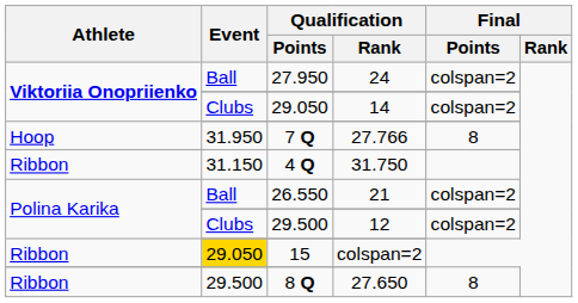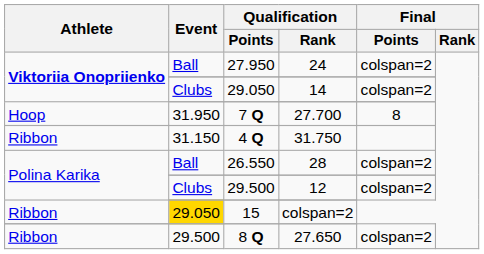 <table class=wikitable style="font-size:90%">
 <tr>
 <th rowspan="2">Athlete</th>
 <th rowspan="2">Event</th>
 <th colspan="2">Qualification</th>
 <th colspan="2">Final</th>
 </tr>
 <tr style="font-size:95%">
 <th>Points</th>
 <th>Rank</th>
 <th>Points</th>
 <th>Rank</th>
 </tr>
 <tr align=center>
 <td align=left rowspan=4><strong><a href='#'>Viktoriia Onopriienko</a></strong></td>
 <td align=left><a href='#'>Ball</a></td>
 <td>27.950</td>
 <td>24</td>
 <td>colspan=2 </td>
 </tr>
 <tr>
 </tr>
 <tr align=center>
 <td align=left><a href='#'>Clubs</a></td>
 <td>29.050</td>
 <td>14</td>
 <td>colspan=2 </td>
 </tr>
 <tr>
 </tr>
 <tr align=center>
 <td align=left><a href='#'>Hoop</a></td>
 <td>31.950</td>
 <td>7 <strong>Q</strong></td>
-<td>27.766</td>
+<td>27.700</td>
 <td>8</td>
 </tr>
 <tr>
 </tr>
 <tr align=center>
 <td align=left><a href='#'>Ribbon</a></td>
 <td>31.150</td>
 <td>4 <strong>Q</strong></td>
 <td>31.750</td>
 <td></td>
 </tr>
 <tr align=center>
 <td align=left rowspan=4><a href='#'>Polina Karika</a></td>
 <td align=left><a href='#'>Ball</a></td>
 <td>26.550</td>
-<td>21</td>
+<td>28</td>
 <td>colspan=2 </td>
 </tr>
 <tr>
 </tr>
 <tr align=center>
 <td align=left><a href='#'>Clubs</a></td>
 <td>29.500</td>
 <td>12</td>
 <td>colspan=2 </td>
 </tr>
 <tr>
 </tr>
 <tr align=center>
 <td align=left><a href='#'>Ribbon</a></td>
 <td style="background: gold;">29.050</td>
 <td>15</td>
 <td>colspan=2 </td>
 </tr>
 <tr>
 </tr>
 <tr align=center>
 <td align=left><a href='#'>Ribbon</a></td>
 <td>29.500</td>
 <td>8 <strong>Q</strong></td>
 <td>27.650</td>
-<td>8</td>
+<td>colspan=2 </td>
 </tr>
 </table>
